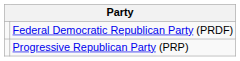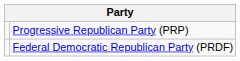 <table class="wikitable" style="text-align:left;">
 <tr>
 <th colspan="2">Party</th>
 </tr>
 <tr>
+<td width="1"></td>
+<td><a href='#'>Progressive Republican Party</a> (PRP)</td>
+</tr>
+<tr>
 <td></td>
 <td><a href='#'>Federal Democratic Republican Party</a> (PRDF)</td>
 </tr>
-<tr>
-<td width="1"></td>
-<td><a href='#'>Progressive Republican Party</a> (PRP)</td>
-</tr>
 </table>
